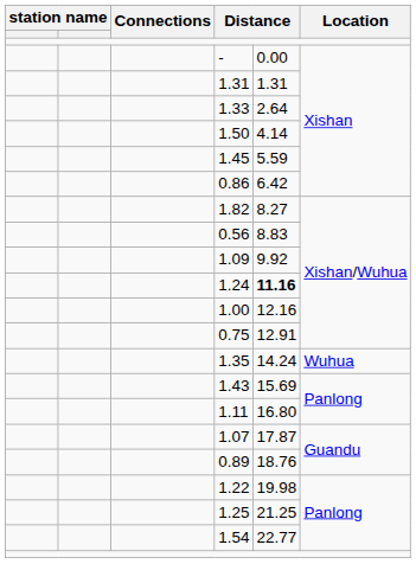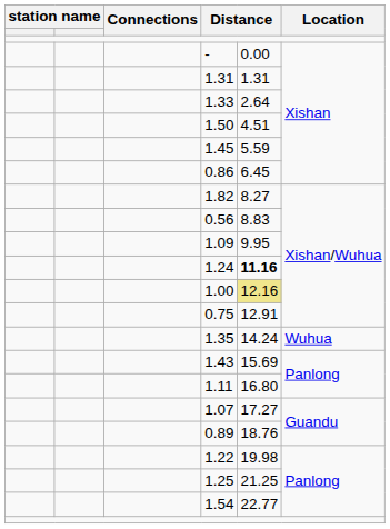 <table class="wikitable">
 <tr>
 <th colspan="2">station name</th>
 <th rowspan="2">Connections</th>
 <th colspan="2" rowspan="2">Distance<br></th>
 <th rowspan="2">Location</th>
 </tr>
 <tr>
 <th></th>
 <th></th>
 </tr>
 <tr style="background:#">
 <td colspan = "8"></td>
 </tr>
 <tr>
 <td></td>
 <td></td>
 <td></td>
 <td>-</td>
 <td>0.00</td>
 <td rowspan="6"><a href='#'>Xishan</a></td>
 </tr>
 <tr>
 <td></td>
 <td></td>
 <td></td>
 <td>1.31</td>
 <td>1.31</td>
 </tr>
 <tr>
 <td></td>
 <td></td>
 <td></td>
 <td>1.33</td>
 <td>2.64</td>
 </tr>
 <tr>
 <td></td>
 <td></td>
 <td></td>
 <td>1.50</td>
-<td>4.14</td>
+<td>4.51</td>
 </tr>
 <tr>
 <td></td>
 <td></td>
 <td></td>
 <td>1.45</td>
 <td>5.59</td>
 </tr>
 <tr>
 <td></td>
 <td></td>
 <td></td>
 <td>0.86</td>
-<td>6.42</td>
+<td>6.45</td>
 </tr>
 <tr>
 <td></td>
 <td></td>
 <td></td>
 <td>1.82</td>
 <td>8.27</td>
 <td rowspan="6"><a href='#'>Xishan</a>/<a href='#'>Wuhua</a></td>
 </tr>
 <tr>
 <td></td>
 <td></td>
 <td></td>
 <td>0.56</td>
 <td>8.83</td>
 </tr>
 <tr>
 <td></td>
 <td></td>
 <td></td>
 <td>1.09</td>
-<td>9.92</td>
+<td>9.95</td>
 </tr>
 <tr>
 <td></td>
 <td></td>
 <td></td>
 <td>1.24</td>
 <td><strong>11.16</strong></td>
 </tr>
 <tr>
 <td></td>
 <td></td>
 <td></td>
 <td>1.00</td>
-<td>12.16</td>
+<td style="background: khaki;">12.16</td>
 </tr>
 <tr>
 <td></td>
 <td></td>
 <td></td>
 <td>0.75</td>
 <td>12.91</td>
 </tr>
 <tr>
 <td></td>
 <td></td>
 <td></td>
 <td>1.35</td>
 <td>14.24</td>
 <td><a href='#'>Wuhua</a></td>
 </tr>
 <tr>
 <td></td>
 <td></td>
 <td></td>
 <td>1.43</td>
 <td>15.69</td>
 <td rowspan="2"><a href='#'>Panlong</a></td>
 </tr>
 <tr>
 <td></td>
 <td></td>
 <td></td>
 <td>1.11</td>
 <td>16.80</td>
 </tr>
 <tr>
 <td></td>
 <td></td>
 <td></td>
 <td>1.07</td>
-<td>17.87</td>
+<td>17.27</td>
 <td rowspan="2"><a href='#'>Guandu</a></td>
 </tr>
 <tr>
 <td></td>
 <td></td>
 <td></td>
 <td>0.89</td>
 <td>18.76</td>
 </tr>
 <tr>
 <td></td>
 <td></td>
 <td></td>
 <td>1.22</td>
 <td>19.98</td>
 <td rowspan="3"><a href='#'>Panlong</a></td>
 </tr>
 <tr>
 <td></td>
 <td></td>
 <td></td>
 <td>1.25</td>
 <td>21.25</td>
 </tr>
 <tr>
 <td></td>
 <td></td>
 <td></td>
 <td>1.54</td>
 <td>22.77</td>
 </tr>
 <tr style="background:#">
 <td colspan="8"></td>
 </tr>
 </table>
